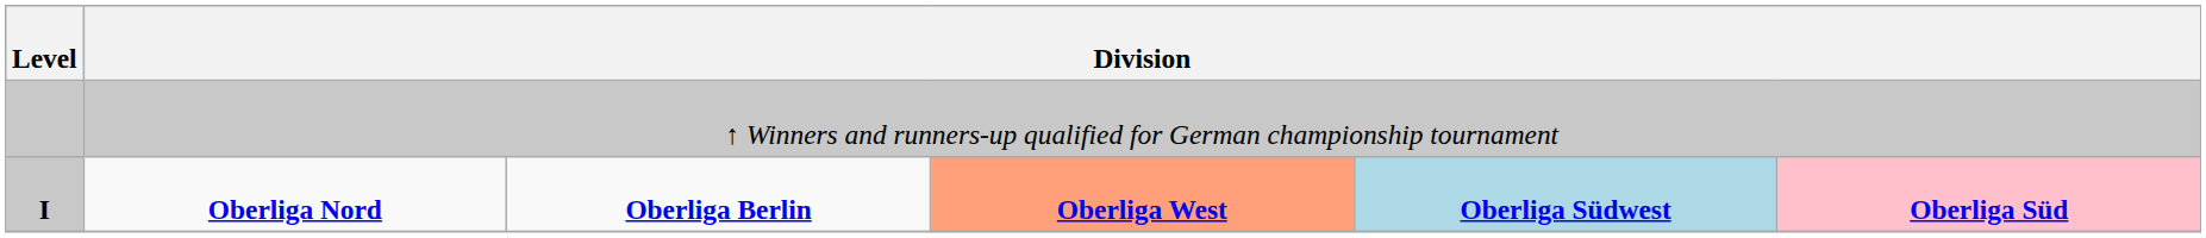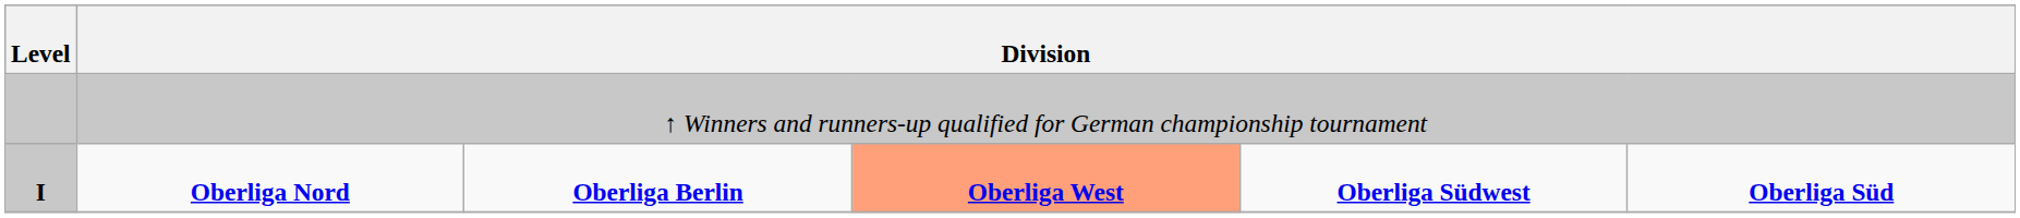 <table class="wikitable" style="text-align:center"height="30" width="100%">
 <tr style="background:#c8c8c8">
 <th colspan="1"><br>Level</th>
 <th colspan="5"><br>Division</th>
 </tr>
 <tr style="background:#c8c8c8">
 <td colspan="1"></td>
 <td colspan="5"><br><em> ↑ Winners and runners-up qualified for German championship tournament</em></td>
 </tr>
 <tr>
 <td colspan="1" style="background:#c8c8c8"><br><strong>I</strong></td>
 <td colspan="1" width="20%"><br><strong><a href='#'>Oberliga Nord</a></strong></td>
 <td colspan="1" width="20%"><br><strong><a href='#'>Oberliga Berlin</a></strong></td>
 <td colspan="1" width="20%" style="background: lightsalmon;"><br><strong><a href='#'>Oberliga West</a></strong></td>
-<td colspan="1" width="20%" style="background: lightblue;"><br><strong><a href='#'>Oberliga Südwest</a></strong></td>
-<td colspan="1" width="20%" style="background: pink;"><br><strong><a href='#'>Oberliga Süd</a></strong></td>
+<td colspan="1" width="20%"><br><strong><a href='#'>Oberliga Südwest</a></strong></td>
+<td colspan="1" width="20%"><br><strong><a href='#'>Oberliga Süd</a></strong></td>
 </tr>
 <tr>
 </tr>
 </table>
